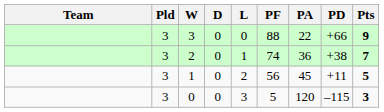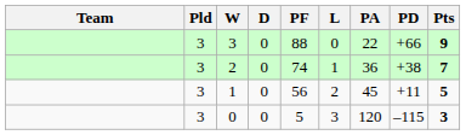 <table class="wikitable" style="text-align:center;">
 <tr>
 <th width=175>Team</th>
 <th width=25 abbr="Played">Pld</th>
 <th width=25 abbr="Won">W</th>
 <th width=25 abbr="Drawn">D</th>
+<th width=32 abbr="Points for">PF</th>
 <th width=25 abbr="Lost">L</th>
-<th width=32 abbr="Points for">PF</th>
 <th width=32 abbr="Points against">PA</th>
 <th width=32 abbr="Points difference">PD</th>
 <th width=25 abbr="Points">Pts</th>
 </tr>
 <tr bgcolor=ccffcc>
 <td align=left></td>
 <td>3</td>
 <td>3</td>
 <td>0</td>
+<td>88</td>
 <td>0</td>
-<td>88</td>
 <td>22</td>
 <td>+66</td>
 <td><strong>9</strong></td>
 </tr>
 <tr bgcolor=ccffcc>
 <td align=left></td>
 <td>3</td>
 <td>2</td>
 <td>0</td>
+<td>74</td>
 <td>1</td>
-<td>74</td>
 <td>36</td>
 <td>+38</td>
 <td><strong>7</strong></td>
 </tr>
 <tr>
 <td align=left></td>
 <td>3</td>
 <td>1</td>
 <td>0</td>
+<td>56</td>
 <td>2</td>
-<td>56</td>
 <td>45</td>
 <td>+11</td>
 <td><strong>5</strong></td>
 </tr>
 <tr>
 <td align=left></td>
 <td>3</td>
 <td>0</td>
 <td>0</td>
+<td>5</td>
 <td>3</td>
-<td>5</td>
 <td>120</td>
 <td>–115</td>
 <td><strong>3</strong></td>
 </tr>
 </table>
